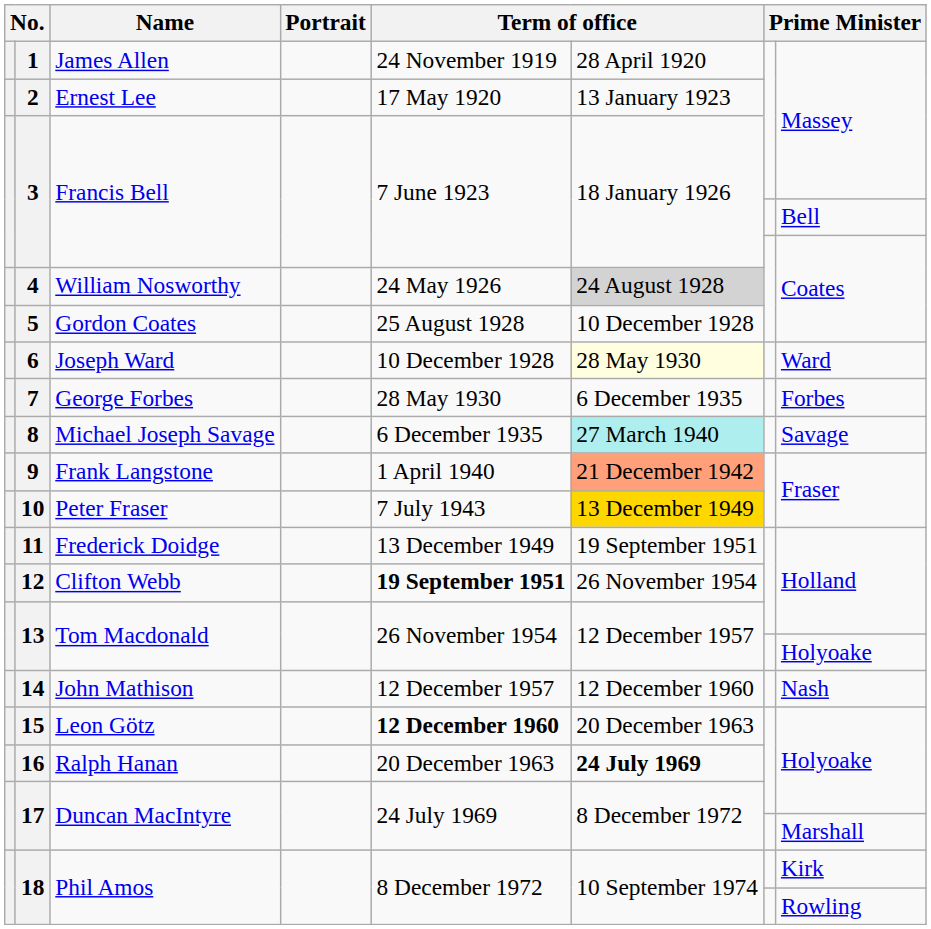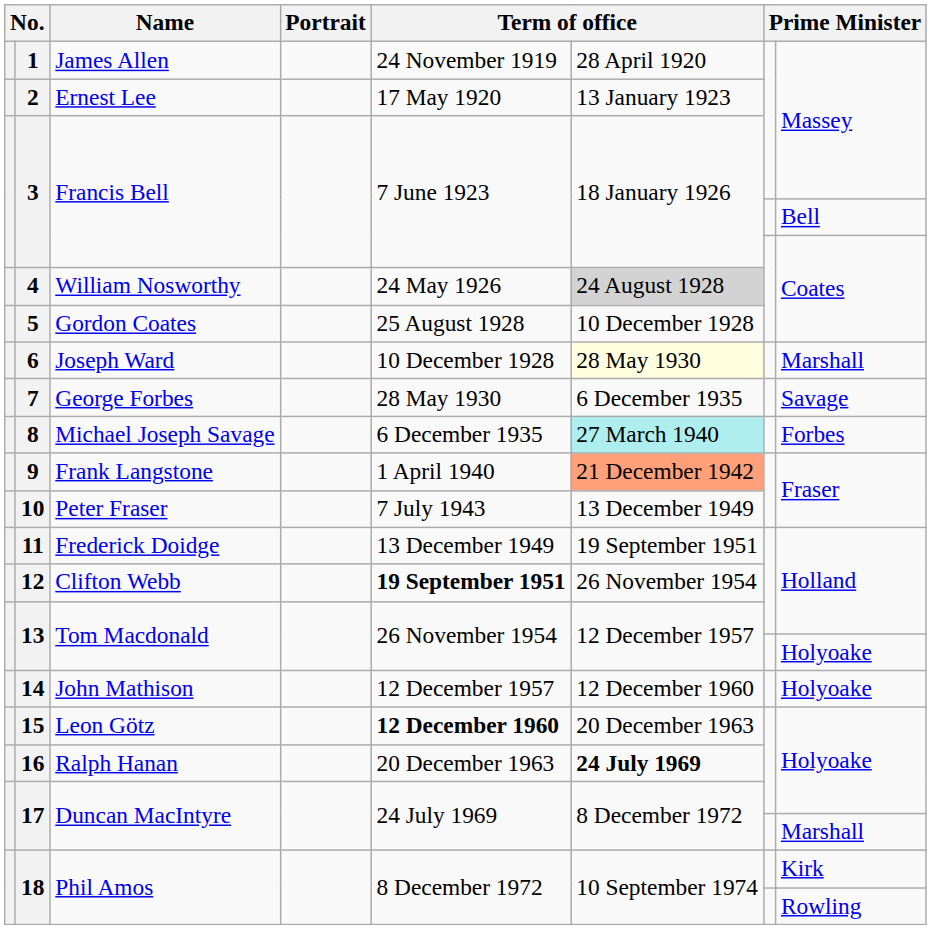 <table class="wikitable">
 <tr>
 <th colspan=2>No.</th>
 <th>Name</th>
 <th>Portrait</th>
 <th colspan=2>Term of office</th>
 <th colspan=30>Prime Minister</th>
 </tr>
 <tr>
 <th style="color:inherit;background:"></th>
 <th>1</th>
 <td><a href='#'>James Allen</a></td>
 <td></td>
 <td>24 November 1919</td>
 <td>28 April 1920</td>
 <td width=1 rowspan=2 style="border-bottom:solid 0 grey; background:"></td>
 <td rowspan=3><a href='#'>Massey</a></td>
 </tr>
 <tr>
 <th style="color:inherit;background:"></th>
 <th>2</th>
 <td><a href='#'>Ernest Lee</a></td>
 <td></td>
 <td>17 May 1920</td>
 <td>13 January 1923</td>
 </tr>
 <tr>
 <th rowspan=3 style="color:inherit;background:"></th>
 <th rowspan=3>3</th>
 <td rowspan=3><a href='#'>Francis Bell</a></td>
 <td rowspan=3></td>
 <td rowspan=3>7 June 1923</td>
 <td rowspan=3>18 January 1926</td>
 <td height=50 style="border-top:solid 0 grey; background:"></td>
 </tr>
 <tr>
 <td height=15 style="color:inherit;background:"></td>
 <td><a href='#'>Bell</a></td>
 </tr>
 <tr>
 <td height=15 style="border-bottom:solid 0 grey; background:"></td>
 <td rowspan=3><a href='#'>Coates</a></td>
 </tr>
 <tr>
 <th style="color:inherit;background:"></th>
 <th>4</th>
 <td><a href='#'>William Nosworthy</a></td>
 <td></td>
 <td>24 May 1926</td>
 <td style="background: lightgrey;">24 August 1928</td>
 <td rowspan=2 style="border-top:solid 0 grey; background:"></td>
 </tr>
 <tr>
 <th style="color:inherit;background:"></th>
 <th>5</th>
 <td><a href='#'>Gordon Coates</a></td>
 <td></td>
 <td>25 August 1928</td>
 <td>10 December 1928</td>
 </tr>
 <tr>
 <th style="color:inherit;background:"></th>
 <th>6</th>
 <td><a href='#'>Joseph Ward</a></td>
 <td></td>
 <td>10 December 1928</td>
 <td style="background: lightyellow;">28 May 1930</td>
 <td style="color:inherit;background:"></td>
-<td><a href='#'>Ward</a></td>
+<td><a href='#'>Marshall</a></td>
 </tr>
 <tr>
 <th style="color:inherit;background:"></th>
 <th>7</th>
 <td><a href='#'>George Forbes</a></td>
 <td></td>
 <td>28 May 1930</td>
 <td>6 December 1935</td>
 <td style="color:inherit;background:"></td>
-<td><a href='#'>Forbes</a></td>
+<td><a href='#'>Savage</a></td>
 </tr>
 <tr>
 <th style="color:inherit;background:"></th>
 <th>8</th>
 <td><a href='#'>Michael Joseph Savage</a></td>
 <td></td>
 <td>6 December 1935</td>
 <td style="background: paleturquoise;">27 March 1940</td>
 <td style="color:inherit;background:"></td>
-<td><a href='#'>Savage</a></td>
+<td><a href='#'>Forbes</a></td>
 </tr>
 <tr>
 <th style="color:inherit;background:"></th>
 <th>9</th>
 <td><a href='#'>Frank Langstone</a></td>
 <td></td>
 <td>1 April 1940</td>
 <td style="background: lightsalmon;">21 December 1942</td>
 <td rowspan=2 style="color:inherit;background:"></td>
 <td rowspan=2><a href='#'>Fraser</a></td>
 </tr>
 <tr>
 <th style="color:inherit;background:"></th>
 <th>10</th>
 <td><a href='#'>Peter Fraser</a></td>
 <td></td>
 <td>7 July 1943</td>
-<td style="background: gold;">13 December 1949</td>
+<td>13 December 1949</td>
 </tr>
 <tr>
 <th style="color:inherit;background:"></th>
 <th>11</th>
 <td><a href='#'>Frederick Doidge</a></td>
 <td></td>
 <td>13 December 1949</td>
 <td>19 September 1951</td>
 <td rowspan="3" style="color:inherit;background:"></td>
 <td rowspan="3"><a href='#'>Holland</a></td>
 </tr>
 <tr>
 <th style="color:inherit;background:"></th>
 <th>12</th>
 <td><a href='#'>Clifton Webb</a></td>
 <td></td>
 <td><strong>19 September 1951</strong></td>
 <td>26 November 1954</td>
 </tr>
 <tr>
 <th height=15 style="border-bottom:solid 0 grey; background:"></th>
 <th rowspan="2">13</th>
 <td rowspan="2"><a href='#'>Tom Macdonald</a></td>
 <td rowspan="2"></td>
 <td rowspan="2">26 November 1954</td>
 <td rowspan="2">12 December 1957</td>
 </tr>
 <tr>
 <th height=15 style="border-top:solid 0 grey; background:"></th>
 <td style="color:inherit;background:"></td>
 <td><a href='#'>Holyoake</a></td>
 </tr>
 <tr>
 <th style="color:inherit;background:"></th>
 <th>14</th>
 <td><a href='#'>John Mathison</a></td>
 <td></td>
 <td>12 December 1957</td>
 <td>12 December 1960</td>
 <td style="color:inherit;background:"></td>
-<td><a href='#'>Nash</a></td>
+<td><a href='#'>Holyoake</a></td>
 </tr>
 <tr>
 <th style="color:inherit;background:"></th>
 <th>15</th>
 <td><a href='#'>Leon Götz</a></td>
 <td></td>
 <td><strong>12 December 1960</strong></td>
 <td>20 December 1963</td>
 <td rowspan="3" style="color:inherit;background:"></td>
 <td rowspan="3"><a href='#'>Holyoake</a></td>
 </tr>
 <tr>
 <th style="color:inherit;background:"></th>
 <th>16</th>
 <td><a href='#'>Ralph Hanan</a></td>
 <td></td>
 <td>20 December 1963</td>
 <td><strong>24 July 1969</strong></td>
 </tr>
 <tr>
 <th height=15 style="border-bottom:solid 0 grey; background:"></th>
 <th rowspan="2">17</th>
 <td rowspan="2"><a href='#'>Duncan MacIntyre</a></td>
 <td rowspan="2"></td>
 <td rowspan="2">24 July 1969</td>
 <td rowspan="2">8 December 1972</td>
 </tr>
 <tr>
 <th height=15 style="border-top:solid 0 grey; background:"></th>
 <td style="color:inherit;background:"></td>
 <td><a href='#'>Marshall</a></td>
 </tr>
 <tr>
 <th rowspan=2 style="color:inherit;background:"></th>
 <th rowspan=2>18</th>
 <td rowspan=2><a href='#'>Phil Amos</a></td>
 <td rowspan=2></td>
 <td rowspan=2>8 December 1972</td>
 <td rowspan=2>10 September 1974</td>
 <td style="color:inherit;background:"></td>
 <td><a href='#'>Kirk</a></td>
 </tr>
 <tr>
 <td style="color:inherit;background:"></td>
 <td><a href='#'>Rowling</a></td>
 </tr>
 </table>
